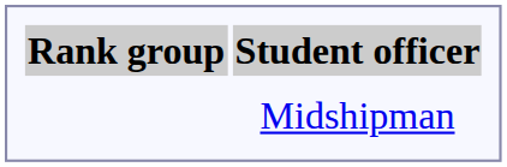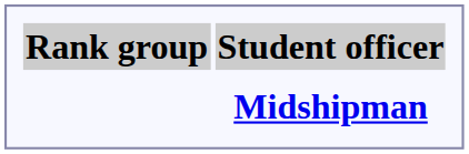 <table style="border:1px solid #8888aa; background-color:#f7f8ff; padding:5px; font-size:95%; margin: 0px 12px 12px 0px; text-align:center;">
 <tr bgcolor="#CCCCCC">
 <th>Rank group</th>
 <th>Student officer</th>
 </tr>
 <tr>
 <td rowspan=2><strong></strong></td>
 <td></td>
 </tr>
 <tr>
-<td><a href='#'>Midshipman</a></td>
+<td><strong><a href='#'>Midshipman</a></strong></td>
 </tr>
 </table>
